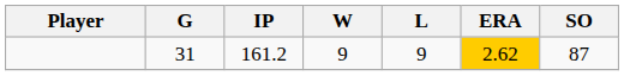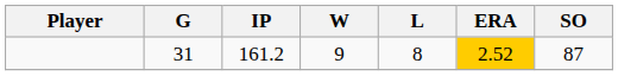 <table class="wikitable sortable">
 <tr>
 <th bgcolor="#DDDDFF" width="16%">Player</th>
 <th bgcolor="#DDDDFF" width="9%">G</th>
 <th bgcolor="#DDDDFF" width="9%">IP</th>
 <th bgcolor="#DDDDFF" width="9%">W</th>
 <th bgcolor="#DDDDFF" width="9%">L</th>
 <th bgcolor="#DDDDFF" width="9%">ERA</th>
 <th bgcolor="#DDDDFF" width="9%">SO</th>
 </tr>
 <tr align="center">
 <td></td>
 <td>31</td>
 <td>161.2</td>
 <td>9</td>
-<td>9</td>
-<td bgcolor="#FFCC00">2.62</td>
+<td>8</td>
+<td bgcolor="#FFCC00">2.52</td>
 <td>87</td>
 </tr>
 <tr align="center">
 </tr>
 </table>
